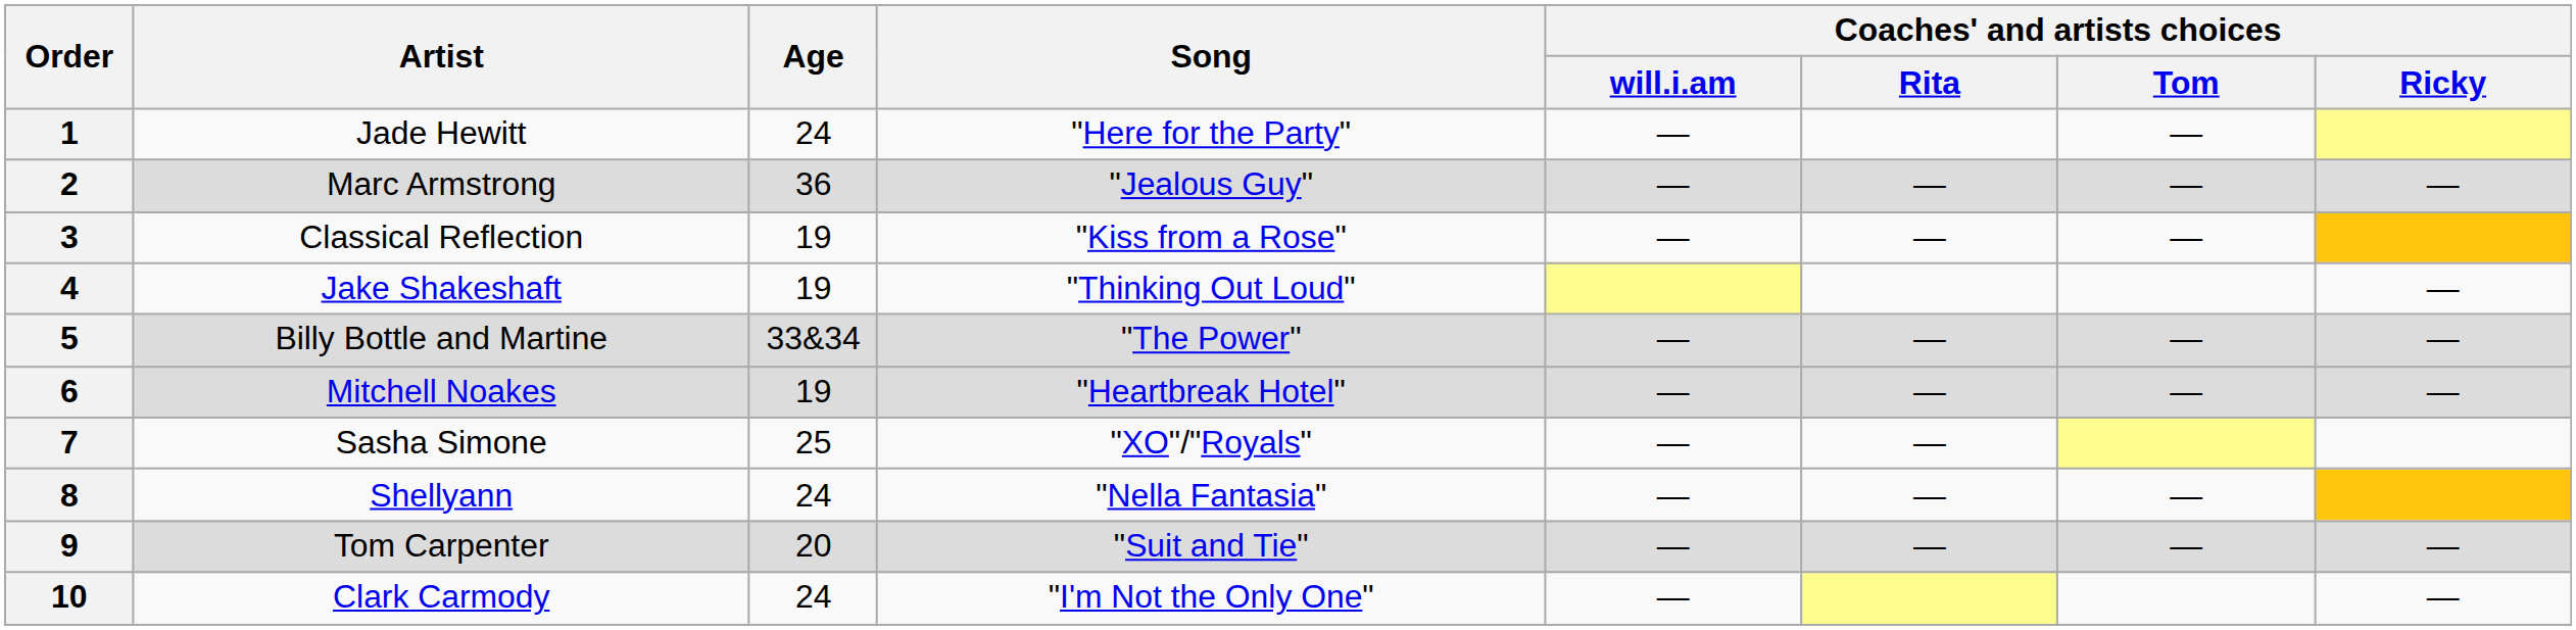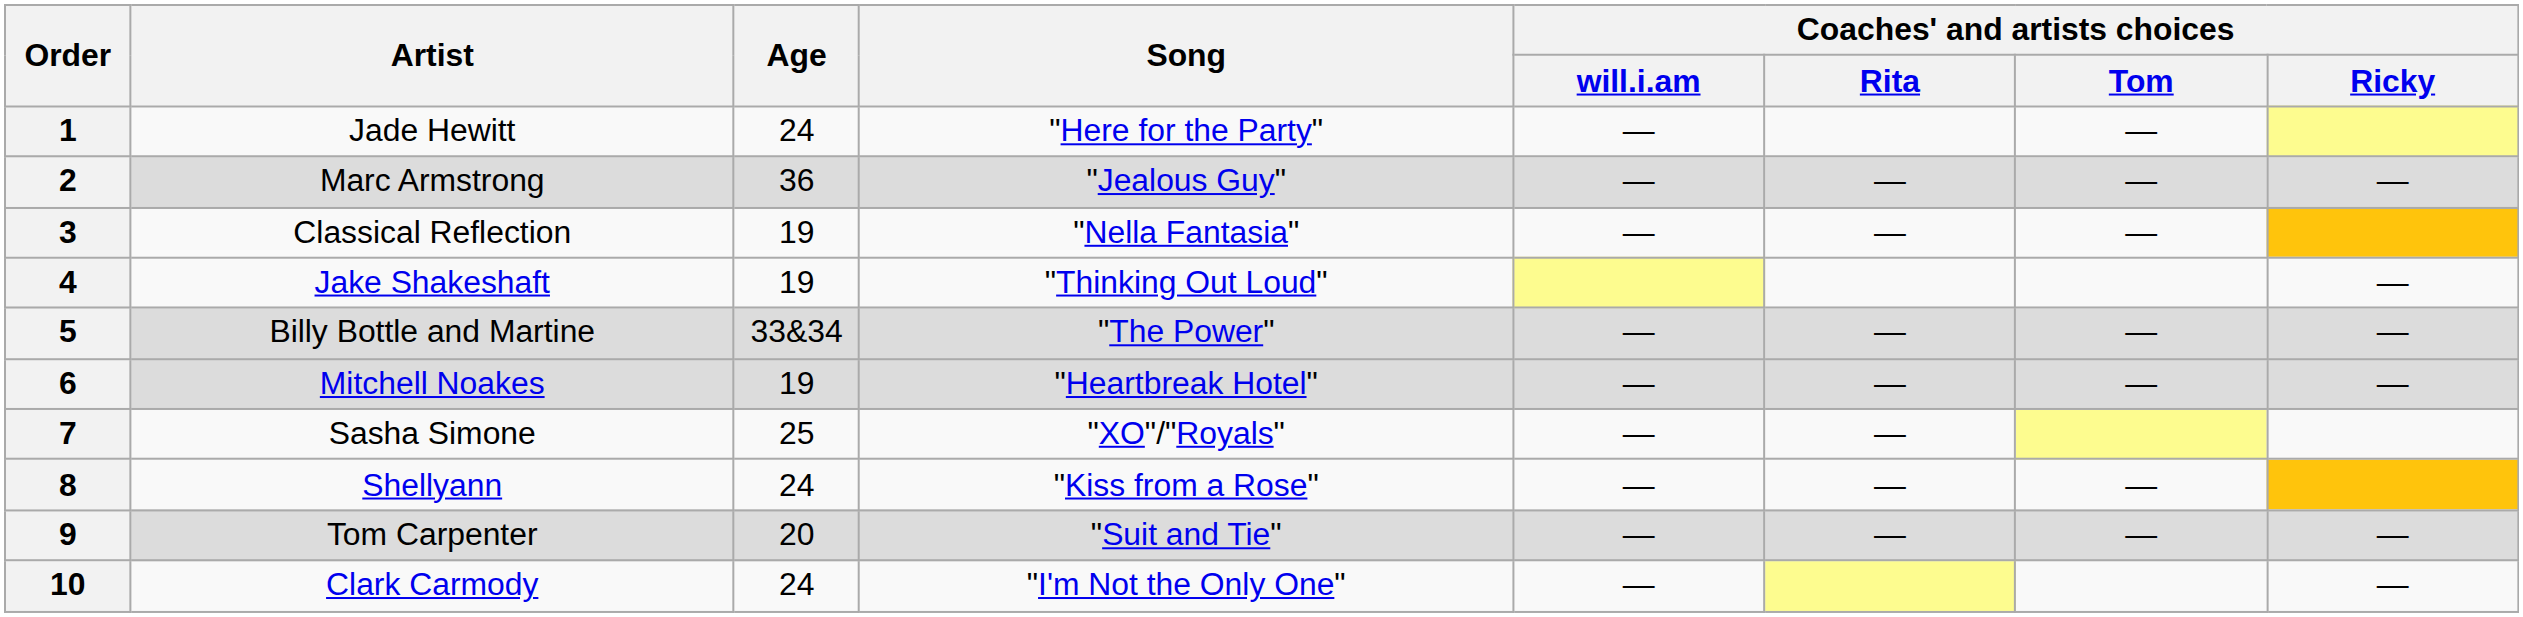 <table class="wikitable" style="text-align:center; width:100%;">
 <tr>
 <th scope="col" rowspan="2" style="width:05%;">Order</th>
 <th scope="col" rowspan="2" style="width:24%;">Artist</th>
 <th scope="col" rowspan="2" style="width:05%;">Age</th>
 <th scope="col" rowspan="2" style="width:26%;">Song</th>
 <th colspan="4" style="width:40%;">Coaches' and artists choices</th>
 </tr>
 <tr>
 <th style="width:10%;"><a href='#'>will.i.am</a></th>
 <th style="width:10%;"><a href='#'>Rita</a></th>
 <th style="width:10%;"><a href='#'>Tom</a></th>
 <th style="width:10%;"><a href='#'>Ricky</a></th>
 </tr>
 <tr>
 <th scope="col">1</th>
 <td>Jade Hewitt</td>
 <td>24</td>
 <td>"<a href='#'>Here for the Party</a>"</td>
 <td>—</td>
 <td><strong></strong></td>
 <td>—</td>
 <td style="background:#fdfc8f;text-align:center;"><strong></strong></td>
 </tr>
 <tr style="background:#DCDCDC">
 <th scope="col">2</th>
 <td style="background:#DCDCDC; text-align:center;">Marc Armstrong</td>
 <td style="background:#DCDCDC; text-align:center;">36</td>
 <td style="background:#DCDCDC; text-align:center;">"<a href='#'>Jealous Guy</a>"</td>
 <td>—</td>
 <td>—</td>
 <td>—</td>
 <td>—</td>
 </tr>
 <tr>
 <th scope="col">3</th>
 <td>Classical Reflection</td>
 <td>19</td>
-<td>"<a href='#'>Kiss from a Rose</a>"</td>
+<td>"<a href='#'>Nella Fantasia</a>"</td>
 <td>—</td>
 <td>—</td>
 <td>—</td>
 <td style="background:#FFC40C;text-align:center;"><strong></strong></td>
 </tr>
 <tr>
 <th scope="col">4</th>
 <td><a href='#'>Jake Shakeshaft</a></td>
 <td>19</td>
 <td>"<a href='#'>Thinking Out Loud</a>"</td>
 <td style="background:#fdfc8f;text-align:center;"><strong></strong></td>
 <td><strong></strong></td>
 <td><strong></strong></td>
 <td>—</td>
 </tr>
 <tr style="background:#DCDCDC">
 <th scope="col">5</th>
 <td style="background:#DCDCDC; text-align:center;">Billy Bottle and Martine</td>
 <td style="background:#DCDCDC; text-align:center;">33&34</td>
 <td style="background:#DCDCDC; text-align:center;">"<a href='#'>The Power</a>"</td>
 <td>—</td>
 <td>—</td>
 <td>—</td>
 <td>—</td>
 </tr>
 <tr style="background:#DCDCDC">
 <th scope="col">6</th>
 <td style="background:#DCDCDC; text-align:center;"><a href='#'>Mitchell Noakes</a></td>
 <td style="background:#DCDCDC; text-align:center;">19</td>
 <td style="background:#DCDCDC; text-align:center;">"<a href='#'>Heartbreak Hotel</a>"</td>
 <td>—</td>
 <td>—</td>
 <td>—</td>
 <td>—</td>
 </tr>
 <tr>
 <th scope="col">7</th>
 <td>Sasha Simone</td>
 <td>25</td>
 <td>"<a href='#'>XO</a>"/"<a href='#'>Royals</a>"</td>
 <td>—</td>
 <td>—</td>
 <td style="background:#fdfc8f;text-align:center;"><strong></strong></td>
 <td><strong></strong></td>
 </tr>
 <tr>
 <th scope="col">8</th>
 <td><a href='#'>Shellyann</a></td>
 <td>24</td>
-<td>"<a href='#'>Nella Fantasia</a>"</td>
+<td>"<a href='#'>Kiss from a Rose</a>"</td>
 <td>—</td>
 <td>—</td>
 <td>—</td>
 <td style="background:#FFC40C;text-align:center;"><strong></strong></td>
 </tr>
 <tr style="background:#DCDCDC">
 <th scope="col">9</th>
 <td style="background:#DCDCDC; text-align:center;">Tom Carpenter</td>
 <td style="background:#DCDCDC; text-align:center;">20</td>
 <td style="background:#DCDCDC; text-align:center;">"<a href='#'>Suit and Tie</a>"</td>
 <td>—</td>
 <td>—</td>
 <td>—</td>
 <td>—</td>
 </tr>
 <tr>
 <th scope="col">10</th>
 <td><a href='#'>Clark Carmody</a></td>
 <td>24</td>
 <td>"<a href='#'>I'm Not the Only One</a>"</td>
 <td>—</td>
 <td style="background:#fdfc8f;text-align:center;"><strong></strong></td>
 <td><strong></strong></td>
 <td>—</td>
 </tr>
 </table>
